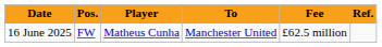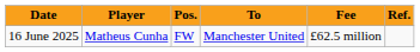 <table class="wikitable plainrowheaders sortable">
 <tr>
 <th style="background:#F9A01B; color:#000000; ">Date</th>
+<th style="background:#F9A01B; color:#000000; ">Player</th>
 <th style="background:#F9A01B; color:#000000; ">Pos.</th>
-<th style="background:#F9A01B; color:#000000; ">Player</th>
 <th style="background:#F9A01B; color:#000000; ">To</th>
 <th style="background:#F9A01B; color:#000000; ">Fee</th>
 <th style="background:#F9A01B; color:#000000; ">Ref.</th>
 </tr>
 <tr>
 <td>16 June 2025</td>
+<td> <a href='#'>Matheus Cunha</a></td>
 <td><a href='#'>FW</a></td>
-<td> <a href='#'>Matheus Cunha</a></td>
 <td> <a href='#'>Manchester United</a></td>
 <td>£62.5 million</td>
 <td></td>
 </tr>
 </table>
